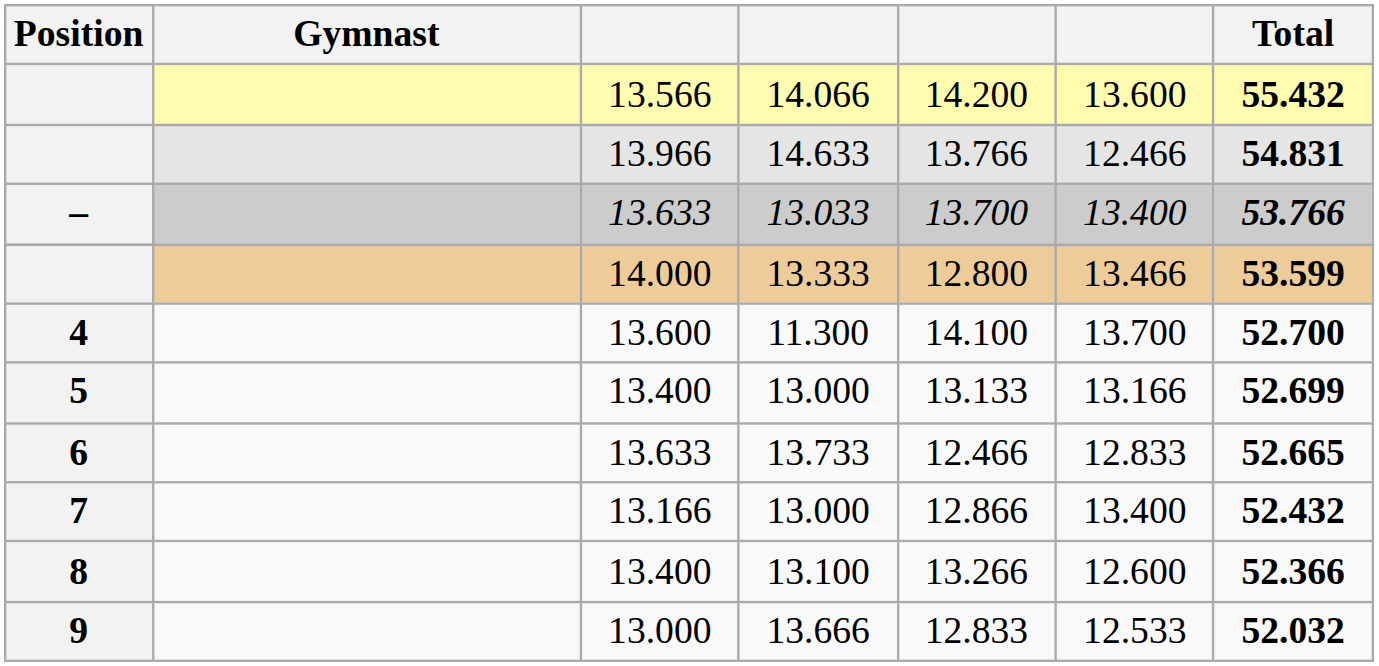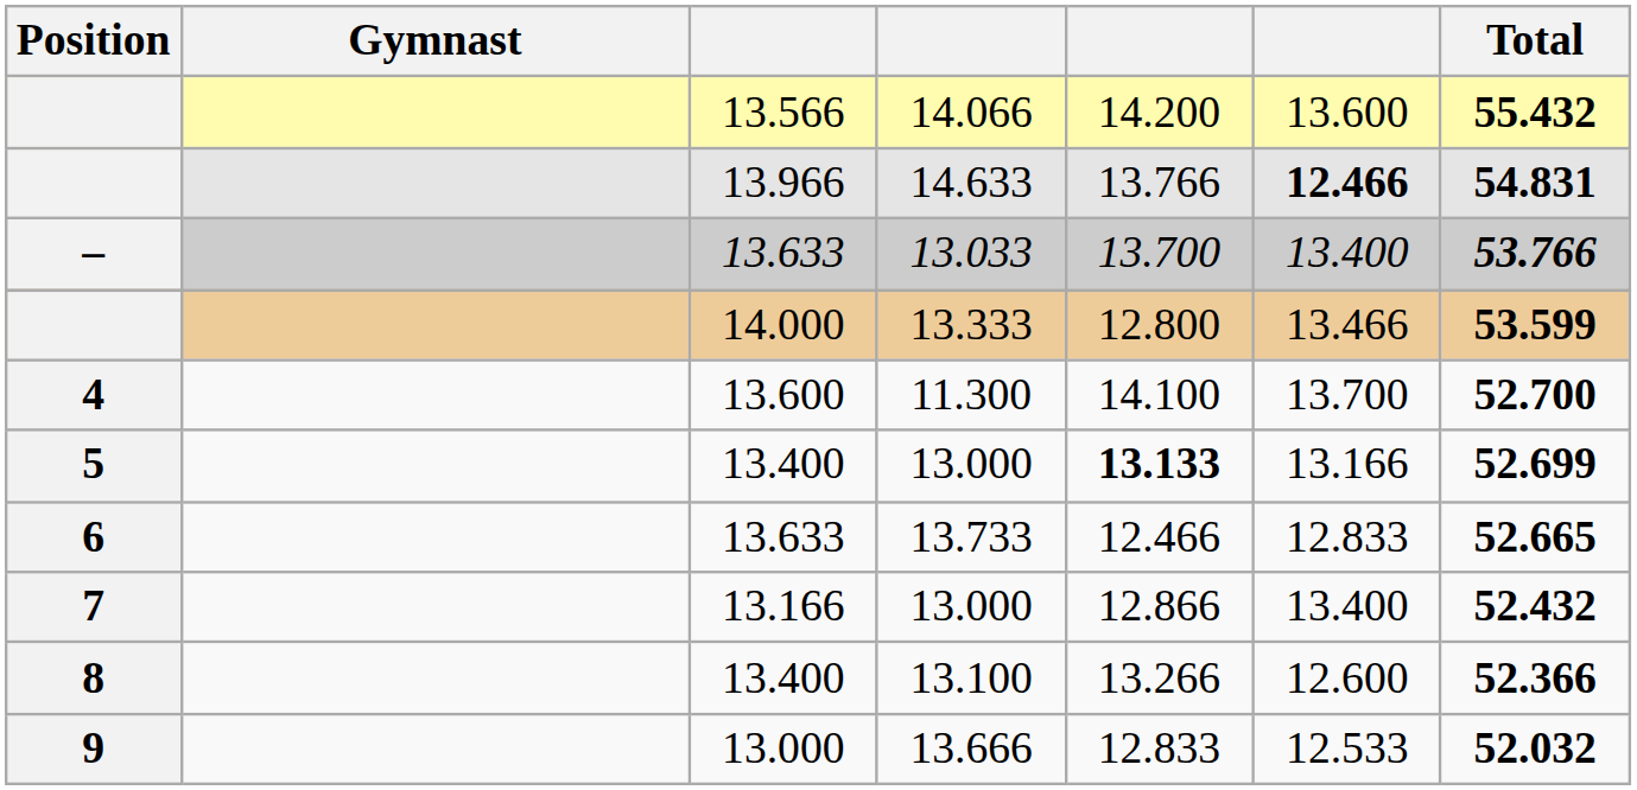 <table class="wikitable sortable" style="text-align:center; font-size:100%">
 <tr>
 <th scope="col" style="width:50px;">Position</th>
 <th scope="col" style="width:175px;">Gymnast</th>
 <th scope="col" style="width:60px;"></th>
 <th scope="col" style="width:60px;"></th>
 <th scope="col" style="width:60px;"></th>
 <th scope="col" style="width:60px;"></th>
 <th scope="col" style="width:60px;">Total</th>
 </tr>
 <tr style="background:#fffcaf;">
 <th scope="row" style="text-align:center"></th>
 <td align=left></td>
 <td>13.566</td>
 <td>14.066</td>
 <td>14.200</td>
 <td>13.600</td>
 <td><strong>55.432</strong></td>
 </tr>
 <tr style="background:#e5e5e5;">
 <th scope="row" style="text-align:center"></th>
 <td align=left></td>
 <td>13.966</td>
 <td>14.633</td>
 <td>13.766</td>
-<td>12.466</td>
+<td><strong>12.466</strong></td>
 <td><strong>54.831</strong></td>
 </tr>
 <tr style="background:#cccccc;">
 <th scope="row" style="text-align:center">–</th>
 <td align=left><em></em></td>
 <td><em>13.633</em></td>
 <td><em>13.033</em></td>
 <td><em>13.700</em></td>
 <td><em>13.400</em></td>
 <td><strong><em>53.766</em></strong></td>
 </tr>
 <tr>
 </tr>
 <tr style="background:#ec9;">
 <th scope="row" style="text-align:center"></th>
 <td align=left></td>
 <td>14.000</td>
 <td>13.333</td>
 <td>12.800</td>
 <td>13.466</td>
 <td><strong>53.599</strong></td>
 </tr>
 <tr>
 <th>4</th>
 <td align=left></td>
 <td>13.600</td>
 <td>11.300</td>
 <td>14.100</td>
 <td>13.700</td>
 <td><strong>52.700</strong></td>
 </tr>
 <tr>
 <th>5</th>
 <td align=left></td>
 <td>13.400</td>
 <td>13.000</td>
-<td>13.133</td>
+<td><strong>13.133</strong></td>
 <td>13.166</td>
 <td><strong>52.699</strong></td>
 </tr>
 <tr>
 <th>6</th>
 <td align=left></td>
 <td>13.633</td>
 <td>13.733</td>
 <td>12.466</td>
 <td>12.833</td>
 <td><strong>52.665</strong></td>
 </tr>
 <tr>
 <th>7</th>
 <td align=left></td>
 <td>13.166</td>
 <td>13.000</td>
 <td>12.866</td>
 <td>13.400</td>
 <td><strong>52.432</strong></td>
 </tr>
 <tr>
 <th>8</th>
 <td align=left></td>
 <td>13.400</td>
 <td>13.100</td>
 <td>13.266</td>
 <td>12.600</td>
 <td><strong>52.366</strong></td>
 </tr>
 <tr>
 <th>9</th>
 <td align=left></td>
 <td>13.000</td>
 <td>13.666</td>
 <td>12.833</td>
 <td>12.533</td>
 <td><strong>52.032</strong></td>
 </tr>
 </table>
